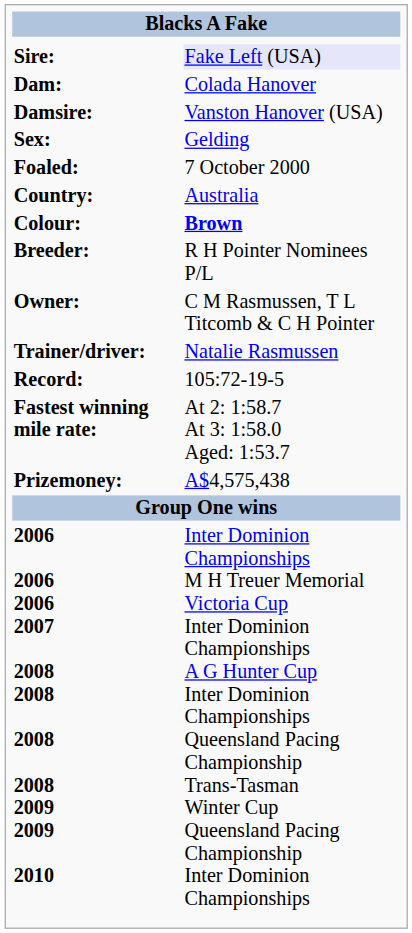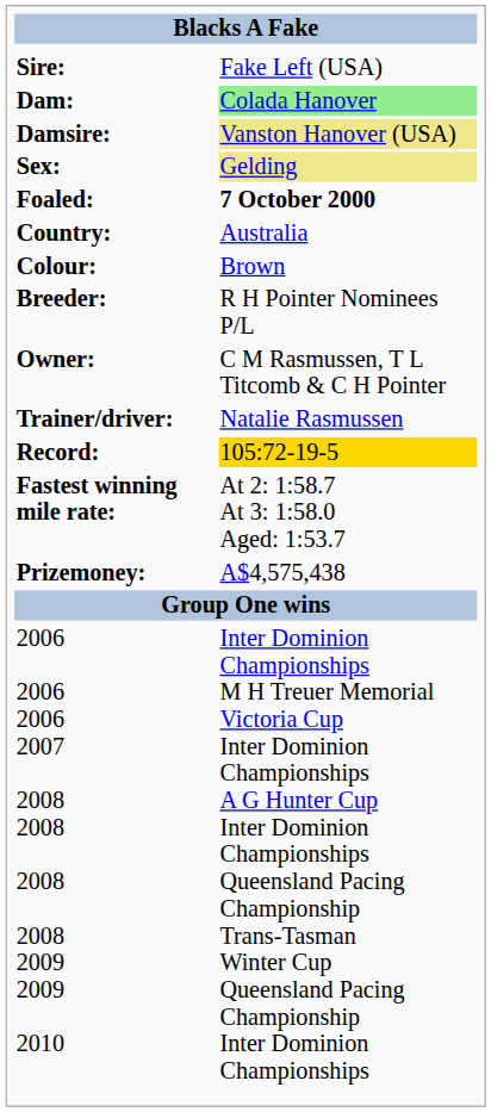 <table class="infobox" style="width:20em;">
 <tr style="text-align:center;">
 <th colspan="2" bgcolor="#b0c4de">Blacks A Fake</th>
 </tr>
 <tr>
 <td colspan="2" style="text-align:center;"></td>
 </tr>
 <tr>
 <th align="left">Sire:</th>
-<td style="background: lavender;"><a href='#'>Fake Left</a> (USA)</td>
+<td><a href='#'>Fake Left</a> (USA)</td>
 </tr>
 <tr>
 <th align="left">Dam:</th>
-<td><a href='#'>Colada Hanover</a></td>
+<td style="background: lightgreen;"><a href='#'>Colada Hanover</a></td>
 </tr>
 <tr>
 <th align="left">Damsire:</th>
-<td><a href='#'>Vanston Hanover</a> (USA)</td>
+<td style="background: khaki;"><a href='#'>Vanston Hanover</a> (USA)</td>
 </tr>
 <tr>
 <th align="left">Sex:</th>
-<td><a href='#'>Gelding</a></td>
+<td style="background: khaki;"><a href='#'>Gelding</a></td>
 </tr>
 <tr>
 <th align="left">Foaled:</th>
-<td>7 October 2000</td>
+<td><strong>7 October 2000</strong></td>
 </tr>
 <tr>
 <th align="left">Country:</th>
 <td><a href='#'>Australia</a></td>
 </tr>
 <tr>
 <th align="left">Colour:</th>
-<td><strong><a href='#'>Brown</a></strong></td>
+<td><a href='#'>Brown</a></td>
 </tr>
 <tr>
 <th align="left">Breeder:</th>
 <td>R H Pointer Nominees P/L</td>
 </tr>
 <tr>
 <th align="left">Owner:</th>
 <td>C M Rasmussen, T L Titcomb & C H Pointer</td>
 </tr>
 <tr>
 <th align="left">Trainer/driver:</th>
 <td><a href='#'>Natalie Rasmussen</a></td>
 </tr>
 <tr>
 <th align="left">Record:</th>
-<td>105:72-19-5</td>
+<td style="background: gold;">105:72-19-5</td>
 </tr>
 <tr>
 <th align="left">Fastest winning mile rate:</th>
 <td>At 2: 1:58.7<br>At 3: 1:58.0<br>Aged: 1:53.7</td>
 </tr>
 <tr>
 <th align="left">Prizemoney:</th>
 <td><a href='#'>A$</a>4,575,438</td>
 </tr>
 <tr>
 <th colspan="2" bgcolor="#b0c4de">Group One wins</th>
 </tr>
 <tr style="vertical-align: top;">
-<td><strong>2006<br><br>2006<br>2006<br>2007<br><br>2008<br>2008<br><br>2008<br><br>2008<br>2009<br>2009<br><br>2010</strong></td>
+<td>2006<br><br>2006<br>2006<br>2007<br><br>2008<br>2008<br><br>2008<br><br>2008<br>2009<br>2009<br><br>2010</td>
 <td><a href='#'>Inter Dominion Championships</a><br>M H Treuer Memorial<br><a href='#'>Victoria Cup</a><br>Inter Dominion Championships<br><a href='#'>A G Hunter Cup</a><br>Inter Dominion Championships<br>Queensland Pacing Championship<br>Trans-Tasman<br>Winter Cup<br>Queensland Pacing Championship<br>Inter Dominion Championships</td>
 </tr>
 <tr>
 <td colspan="3" style="text-align:center; font-size:smaller;"></td>
 </tr>
 <tr>
 <td colspan="3" style="text-align:center; font-size:smaller;"></td>
 </tr>
 </table>
